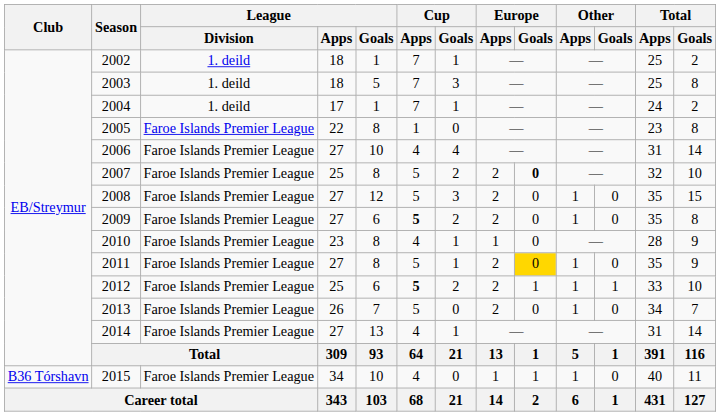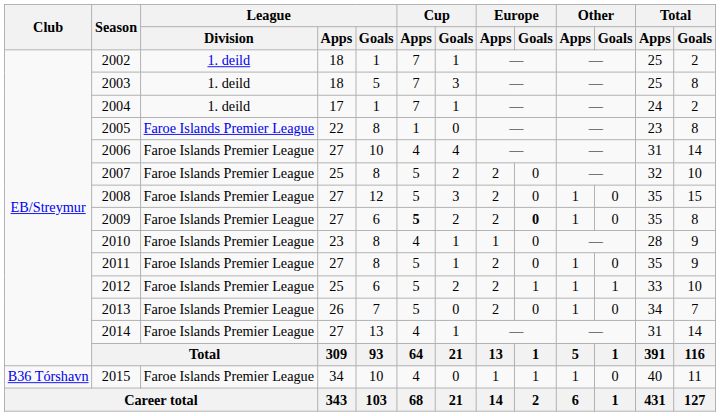 <table class="wikitable" style="text-align: center;">
 <tr>
 <th rowspan="2">Club</th>
 <th rowspan="2">Season</th>
 <th colspan="3">League</th>
 <th colspan="2">Cup</th>
 <th colspan="2">Europe</th>
 <th colspan="2">Other</th>
 <th colspan="2">Total</th>
 </tr>
 <tr>
 <th>Division</th>
 <th>Apps</th>
 <th>Goals</th>
 <th>Apps</th>
 <th>Goals</th>
 <th>Apps</th>
 <th>Goals</th>
 <th>Apps</th>
 <th>Goals</th>
 <th>Apps</th>
 <th>Goals</th>
 </tr>
 <tr>
 <td rowspan="14" valign="center"><a href='#'>EB/Streymur</a></td>
 <td>2002</td>
 <td><a href='#'>1. deild</a></td>
 <td>18</td>
 <td>1</td>
 <td>7</td>
 <td>1</td>
 <td colspan="2">—</td>
 <td colspan="2">—</td>
 <td>25</td>
 <td>2</td>
 </tr>
 <tr>
 <td>2003</td>
 <td>1. deild</td>
 <td>18</td>
 <td>5</td>
 <td>7</td>
 <td>3</td>
 <td colspan="2">—</td>
 <td colspan="2">—</td>
 <td>25</td>
 <td>8</td>
 </tr>
 <tr>
 <td>2004</td>
 <td>1. deild</td>
 <td>17</td>
 <td>1</td>
 <td>7</td>
 <td>1</td>
 <td colspan="2">—</td>
 <td colspan="2">—</td>
 <td>24</td>
 <td>2</td>
 </tr>
 <tr>
 <td>2005</td>
 <td><a href='#'>Faroe Islands Premier League</a></td>
 <td>22</td>
 <td>8</td>
 <td>1</td>
 <td>0</td>
 <td colspan="2">—</td>
 <td colspan="2">—</td>
 <td>23</td>
 <td>8</td>
 </tr>
 <tr>
 <td>2006</td>
 <td>Faroe Islands Premier League</td>
 <td>27</td>
 <td>10</td>
 <td>4</td>
 <td>4</td>
 <td colspan="2">—</td>
 <td colspan="2">—</td>
 <td>31</td>
 <td>14</td>
 </tr>
 <tr>
 <td>2007</td>
 <td>Faroe Islands Premier League</td>
 <td>25</td>
 <td>8</td>
 <td>5</td>
 <td>2</td>
 <td>2</td>
-<td><strong>0</strong></td>
+<td>0</td>
 <td colspan="2">—</td>
 <td>32</td>
 <td>10</td>
 </tr>
 <tr>
 <td>2008</td>
 <td>Faroe Islands Premier League</td>
 <td>27</td>
 <td>12</td>
 <td>5</td>
 <td>3</td>
 <td>2</td>
 <td>0</td>
 <td>1</td>
 <td>0</td>
 <td>35</td>
 <td>15</td>
 </tr>
 <tr>
 <td>2009</td>
 <td>Faroe Islands Premier League</td>
 <td>27</td>
 <td>6</td>
 <td><strong>5</strong></td>
 <td>2</td>
 <td>2</td>
-<td>0</td>
+<td><strong>0</strong></td>
 <td>1</td>
 <td>0</td>
 <td>35</td>
 <td>8</td>
 </tr>
 <tr>
 <td>2010</td>
 <td>Faroe Islands Premier League</td>
 <td>23</td>
 <td>8</td>
 <td>4</td>
 <td>1</td>
 <td>1</td>
 <td>0</td>
 <td colspan="2">—</td>
 <td>28</td>
 <td>9</td>
 </tr>
 <tr>
 <td>2011</td>
 <td>Faroe Islands Premier League</td>
 <td>27</td>
 <td>8</td>
 <td>5</td>
 <td>1</td>
 <td>2</td>
-<td style="background: gold;">0</td>
+<td>0</td>
 <td>1</td>
 <td>0</td>
 <td>35</td>
 <td>9</td>
 </tr>
 <tr>
 <td>2012</td>
 <td>Faroe Islands Premier League</td>
 <td>25</td>
 <td>6</td>
-<td><strong>5</strong></td>
+<td>5</td>
 <td>2</td>
 <td>2</td>
 <td>1</td>
 <td>1</td>
 <td>1</td>
 <td>33</td>
 <td>10</td>
 </tr>
 <tr>
 <td>2013</td>
 <td>Faroe Islands Premier League</td>
 <td>26</td>
 <td>7</td>
 <td>5</td>
 <td>0</td>
 <td>2</td>
 <td>0</td>
 <td>1</td>
 <td>0</td>
 <td>34</td>
 <td>7</td>
 </tr>
 <tr>
 <td>2014</td>
 <td>Faroe Islands Premier League</td>
 <td>27</td>
 <td>13</td>
 <td>4</td>
 <td>1</td>
 <td colspan="2">—</td>
 <td colspan="2">—</td>
 <td>31</td>
 <td>14</td>
 </tr>
 <tr>
 <th colspan="2">Total</th>
 <th>309</th>
 <th>93</th>
 <th>64</th>
 <th>21</th>
 <th>13</th>
 <th>1</th>
 <th>5</th>
 <th>1</th>
 <th>391</th>
 <th>116</th>
 </tr>
 <tr>
 <td valign="center"><a href='#'>B36 Tórshavn</a></td>
 <td>2015</td>
 <td>Faroe Islands Premier League</td>
 <td>34</td>
 <td>10</td>
 <td>4</td>
 <td>0</td>
 <td>1</td>
 <td>1</td>
 <td>1</td>
 <td>0</td>
 <td>40</td>
 <td>11</td>
 </tr>
 <tr>
 <th colspan="3">Career total</th>
 <th>343</th>
 <th>103</th>
 <th>68</th>
 <th>21</th>
 <th>14</th>
 <th>2</th>
 <th>6</th>
 <th>1</th>
 <th>431</th>
 <th>127</th>
 </tr>
 </table>
